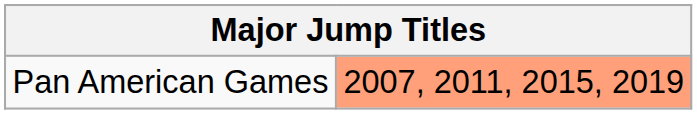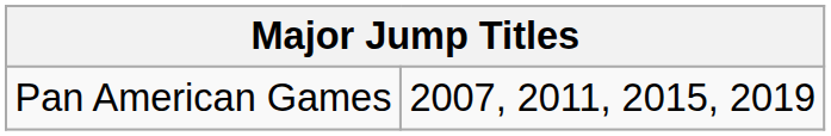 <table class="wikitable">
 <tr>
 <th colspan="2">Major Jump Titles</th>
 </tr>
 <tr>
 <td>Pan American Games</td>
-<td style="background: lightsalmon;">2007, 2011, 2015, 2019</td>
+<td>2007, 2011, 2015, 2019</td>
 </tr>
 </table>
